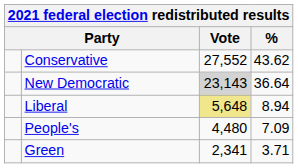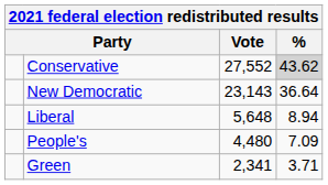 <table class="wikitable">
 <tr>
 <th colspan="4"><a href='#'>2021 federal election</a> redistributed results</th>
 </tr>
 <tr>
 <th bgcolor="#DDDDFF" width="130px" colspan="2">Party</th>
 <th bgcolor="#DDDDFF" width="50px">Vote</th>
 <th bgcolor="#DDDDFF" width="30px">%</th>
 </tr>
 <tr>
 <td> </td>
 <td><a href='#'>Conservative</a></td>
 <td align=right>27,552</td>
-<td align=right>43.62</td>
+<td align=right style="background: lightgrey;">43.62</td>
 </tr>
 <tr>
 <td> </td>
 <td><a href='#'>New Democratic</a></td>
-<td align=right style="background: lightgrey;">23,143</td>
+<td align=right>23,143</td>
 <td align=right>36.64</td>
 </tr>
 <tr>
 <td> </td>
 <td><a href='#'>Liberal</a></td>
-<td align=right style="background: khaki;">5,648</td>
+<td align=right>5,648</td>
 <td align=right>8.94</td>
 </tr>
 <tr>
 <td> </td>
 <td><a href='#'>People's</a></td>
 <td align=right>4,480</td>
 <td align=right>7.09</td>
 </tr>
 <tr>
 <td> </td>
 <td><a href='#'>Green</a></td>
 <td align=right>2,341</td>
 <td align=right>3.71</td>
 </tr>
 </table>
